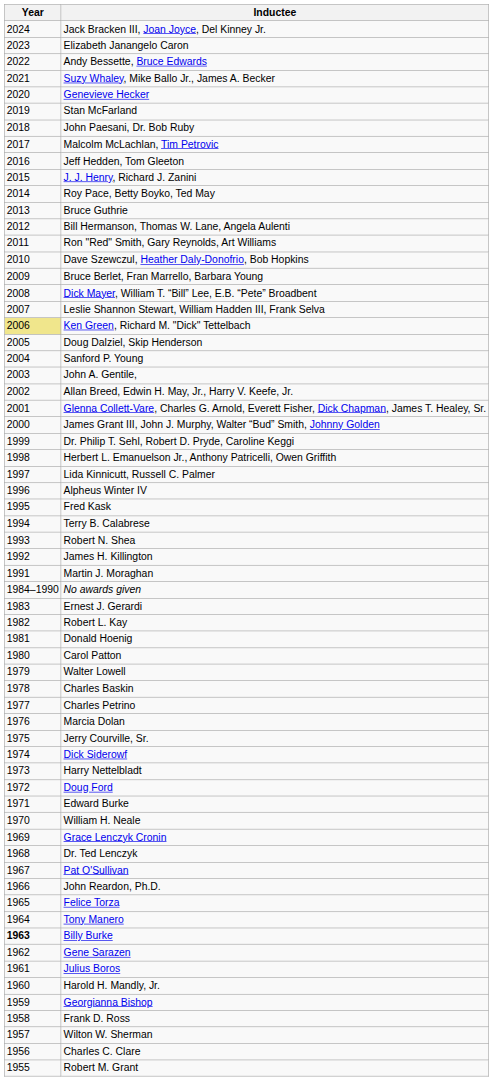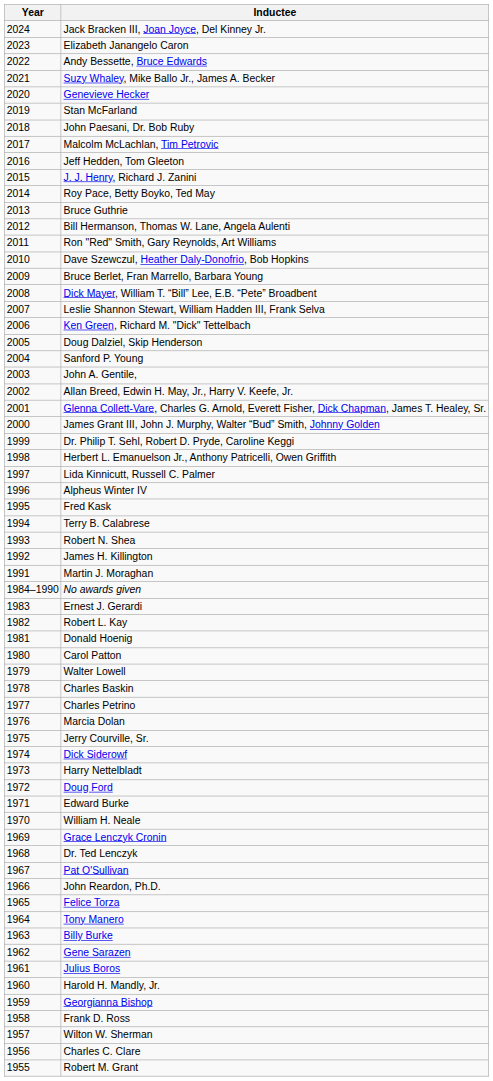 <table class="wikitable">
 <tr>
 <th>Year</th>
 <th>Inductee</th>
 </tr>
 <tr>
 <td>2024</td>
 <td>Jack Bracken III, <a href='#'>Joan Joyce</a>, Del Kinney Jr.</td>
 </tr>
 <tr>
 <td>2023</td>
 <td>Elizabeth Janangelo Caron</td>
 </tr>
 <tr>
 <td>2022</td>
 <td>Andy Bessette, <a href='#'>Bruce Edwards</a></td>
 </tr>
 <tr>
 <td>2021</td>
 <td><a href='#'>Suzy Whaley</a>, Mike Ballo Jr., James A. Becker</td>
 </tr>
 <tr>
 <td>2020</td>
 <td><a href='#'>Genevieve Hecker</a></td>
 </tr>
 <tr>
 <td>2019</td>
 <td>Stan McFarland</td>
 </tr>
 <tr>
 <td>2018</td>
 <td>John Paesani, Dr. Bob Ruby</td>
 </tr>
 <tr>
 <td>2017</td>
 <td>Malcolm McLachlan, <a href='#'>Tim Petrovic</a></td>
 </tr>
 <tr>
 <td>2016</td>
 <td>Jeff Hedden, Tom Gleeton</td>
 </tr>
 <tr>
 <td>2015</td>
 <td><a href='#'>J. J. Henry</a>, Richard J. Zanini</td>
 </tr>
 <tr>
 <td>2014</td>
 <td>Roy Pace, Betty Boyko, Ted May</td>
 </tr>
 <tr>
 <td>2013</td>
 <td>Bruce Guthrie</td>
 </tr>
 <tr>
 <td>2012</td>
 <td>Bill Hermanson, Thomas W. Lane, Angela Aulenti</td>
 </tr>
 <tr>
 <td>2011</td>
 <td>Ron "Red" Smith, Gary Reynolds, Art Williams</td>
 </tr>
 <tr>
 <td>2010</td>
 <td>Dave Szewczul, <a href='#'>Heather Daly-Donofrio</a>, Bob Hopkins</td>
 </tr>
 <tr>
 <td>2009</td>
 <td>Bruce Berlet, Fran Marrello, Barbara Young</td>
 </tr>
 <tr>
 <td>2008</td>
 <td><a href='#'>Dick Mayer</a>, William T. “Bill” Lee, E.B. “Pete” Broadbent</td>
 </tr>
 <tr>
 <td>2007</td>
 <td>Leslie Shannon Stewart, William Hadden III, Frank Selva</td>
 </tr>
 <tr>
-<td style="background: khaki;">2006</td>
+<td>2006</td>
 <td><a href='#'>Ken Green</a>, Richard M. "Dick" Tettelbach</td>
 </tr>
 <tr>
 <td>2005</td>
 <td>Doug Dalziel, Skip Henderson</td>
 </tr>
 <tr>
 <td>2004</td>
 <td>Sanford P. Young</td>
 </tr>
 <tr>
 <td>2003</td>
 <td>John A. Gentile,</td>
 </tr>
 <tr>
 <td>2002</td>
 <td>Allan Breed, Edwin H. May, Jr., Harry V. Keefe, Jr.</td>
 </tr>
 <tr>
 <td>2001</td>
 <td><a href='#'>Glenna Collett-Vare</a>, Charles G. Arnold, Everett Fisher, <a href='#'>Dick Chapman</a>, James T. Healey, Sr.</td>
 </tr>
 <tr>
 <td>2000</td>
 <td>James Grant III, John J. Murphy, Walter “Bud” Smith, <a href='#'>Johnny Golden</a></td>
 </tr>
 <tr>
 <td>1999</td>
 <td>Dr. Philip T. Sehl, Robert D. Pryde, Caroline Keggi</td>
 </tr>
 <tr>
 <td>1998</td>
 <td>Herbert L. Emanuelson Jr., Anthony Patricelli, Owen Griffith</td>
 </tr>
 <tr>
 <td>1997</td>
 <td>Lida Kinnicutt, Russell C. Palmer</td>
 </tr>
 <tr>
 <td>1996</td>
 <td>Alpheus Winter IV</td>
 </tr>
 <tr>
 <td>1995</td>
 <td>Fred Kask</td>
 </tr>
 <tr>
 <td>1994</td>
 <td>Terry B. Calabrese</td>
 </tr>
 <tr>
 <td>1993</td>
 <td>Robert N. Shea</td>
 </tr>
 <tr>
 <td>1992</td>
 <td>James H. Killington</td>
 </tr>
 <tr>
 <td>1991</td>
 <td>Martin J. Moraghan</td>
 </tr>
 <tr>
 <td>1984–1990</td>
 <td><em>No awards given</em></td>
 </tr>
 <tr>
 <td>1983</td>
 <td>Ernest J. Gerardi</td>
 </tr>
 <tr>
 <td>1982</td>
 <td>Robert L. Kay</td>
 </tr>
 <tr>
 <td>1981</td>
 <td>Donald Hoenig</td>
 </tr>
 <tr>
 <td>1980</td>
 <td>Carol Patton</td>
 </tr>
 <tr>
 <td>1979</td>
 <td>Walter Lowell</td>
 </tr>
 <tr>
 <td>1978</td>
 <td>Charles Baskin</td>
 </tr>
 <tr>
 <td>1977</td>
 <td>Charles Petrino</td>
 </tr>
 <tr>
 <td>1976</td>
 <td>Marcia Dolan</td>
 </tr>
 <tr>
 <td>1975</td>
 <td>Jerry Courville, Sr.</td>
 </tr>
 <tr>
 <td>1974</td>
 <td><a href='#'>Dick Siderowf</a></td>
 </tr>
 <tr>
 <td>1973</td>
 <td>Harry Nettelbladt</td>
 </tr>
 <tr>
 <td>1972</td>
 <td><a href='#'>Doug Ford</a></td>
 </tr>
 <tr>
 <td>1971</td>
 <td>Edward Burke</td>
 </tr>
 <tr>
 <td>1970</td>
 <td>William H. Neale</td>
 </tr>
 <tr>
 <td>1969</td>
 <td><a href='#'>Grace Lenczyk Cronin</a></td>
 </tr>
 <tr>
 <td>1968</td>
 <td>Dr. Ted Lenczyk</td>
 </tr>
 <tr>
 <td>1967</td>
 <td><a href='#'>Pat O'Sullivan</a></td>
 </tr>
 <tr>
 <td>1966</td>
 <td>John Reardon, Ph.D.</td>
 </tr>
 <tr>
 <td>1965</td>
 <td><a href='#'>Felice Torza</a></td>
 </tr>
 <tr>
 <td>1964</td>
 <td><a href='#'>Tony Manero</a></td>
 </tr>
 <tr>
-<td><strong>1963</strong></td>
+<td>1963</td>
 <td><a href='#'>Billy Burke</a></td>
 </tr>
 <tr>
 <td>1962</td>
 <td><a href='#'>Gene Sarazen</a></td>
 </tr>
 <tr>
 <td>1961</td>
 <td><a href='#'>Julius Boros</a></td>
 </tr>
 <tr>
 <td>1960</td>
 <td>Harold H. Mandly, Jr.</td>
 </tr>
 <tr>
 <td>1959</td>
 <td><a href='#'>Georgianna Bishop</a></td>
 </tr>
 <tr>
 <td>1958</td>
 <td>Frank D. Ross</td>
 </tr>
 <tr>
 <td>1957</td>
 <td>Wilton W. Sherman</td>
 </tr>
 <tr>
 <td>1956</td>
 <td>Charles C. Clare</td>
 </tr>
 <tr>
 <td>1955</td>
 <td>Robert M. Grant</td>
 </tr>
 </table>
